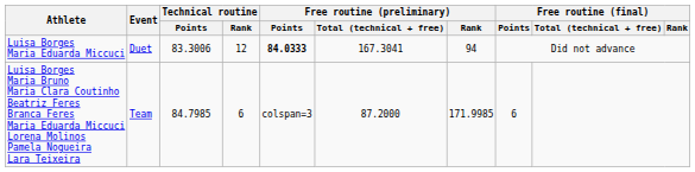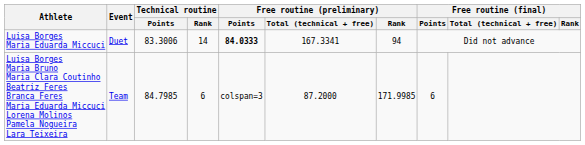 <table class="wikitable" style="font-size:90%">
 <tr>
 <th rowspan="2">Athlete</th>
 <th rowspan="2">Event</th>
 <th colspan=2>Technical routine</th>
 <th colspan=3>Free routine (preliminary)</th>
 <th colspan=3>Free routine (final)</th>
 </tr>
 <tr style="font-size:95%">
 <th>Points</th>
 <th>Rank</th>
 <th>Points</th>
 <th>Total (technical + free)</th>
 <th>Rank</th>
 <th>Points</th>
 <th>Total (technical + free)</th>
 <th>Rank</th>
 </tr>
 <tr align=center>
 <td align=left><a href='#'>Luisa Borges</a><br><a href='#'>Maria Eduarda Miccuci</a></td>
 <td align=left><a href='#'>Duet</a></td>
 <td>83.3006</td>
-<td>12</td>
+<td>14</td>
 <td><strong>84.0333</strong></td>
-<td>167.3041</td>
+<td>167.3341</td>
 <td>94</td>
 <td colspan=3>Did not advance</td>
 </tr>
 <tr align=center>
 <td align=left><a href='#'>Luisa Borges</a><br><a href='#'>Maria Bruno</a><br><a href='#'>Maria Clara Coutinho</a><br><a href='#'>Beatriz Feres</a><br><a href='#'>Branca Feres</a><br><a href='#'>Maria Eduarda Miccuci</a><br><a href='#'>Lorena Molinos</a><br><a href='#'>Pamela Nogueira</a><br><a href='#'>Lara Teixeira</a></td>
 <td align=left><a href='#'>Team</a></td>
 <td>84.7985</td>
 <td>6</td>
 <td>colspan=3 </td>
 <td>87.2000</td>
 <td>171.9985</td>
 <td>6</td>
 </tr>
 </table>
